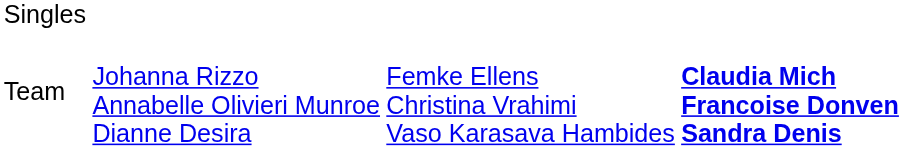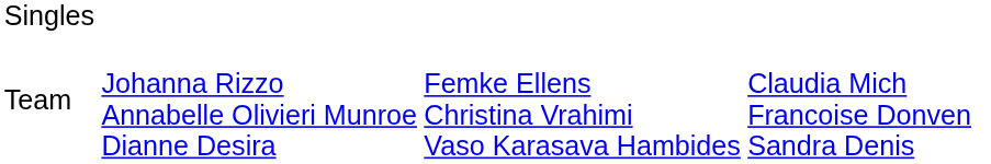 <table>
 <tr>
 <td rowspan=2>Singles</td>
 <td rowspan=2></td>
 <td rowspan=2></td>
 <td></td>
 </tr>
 <tr>
 <td></td>
 </tr>
 <tr>
 <td>Team</td>
 <td><br><a href='#'>Johanna Rizzo</a><br><a href='#'>Annabelle Olivieri Munroe</a><br><a href='#'>Dianne Desira</a></td>
 <td><br><a href='#'>Femke Ellens</a><br><a href='#'>Christina Vrahimi</a><br><a href='#'>Vaso Karasava Hambides</a></td>
-<td><strong><br><a href='#'>Claudia Mich</a><br><a href='#'>Francoise Donven</a><br><a href='#'>Sandra Denis</a></strong></td>
+<td><br><a href='#'>Claudia Mich</a><br><a href='#'>Francoise Donven</a><br><a href='#'>Sandra Denis</a></td>
 </tr>
 </table>
